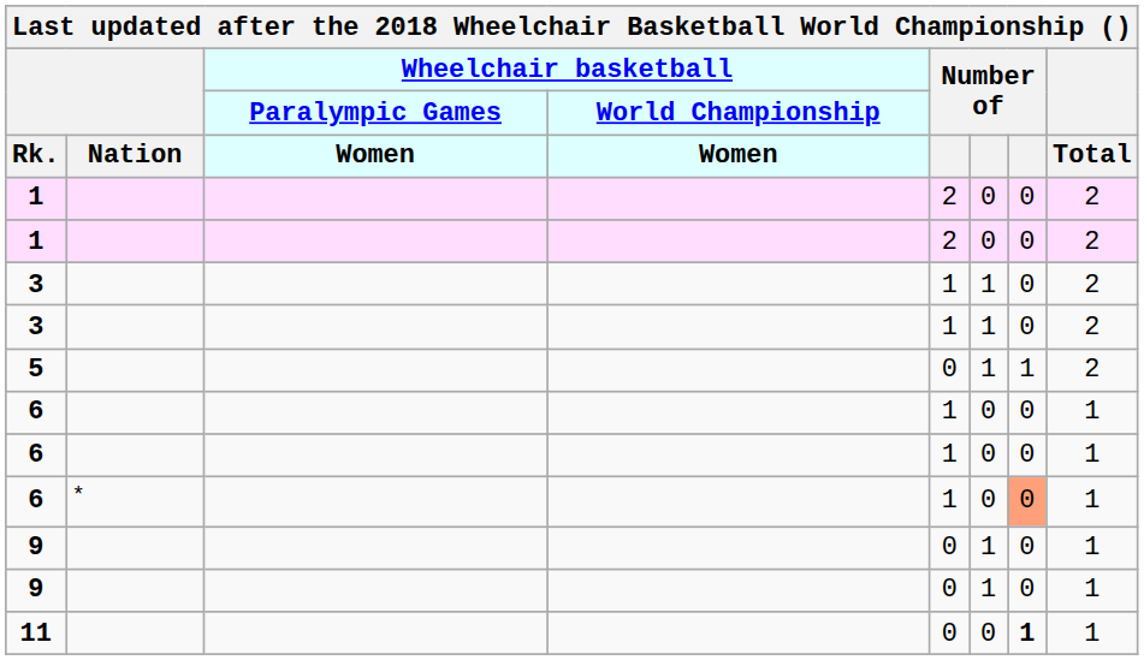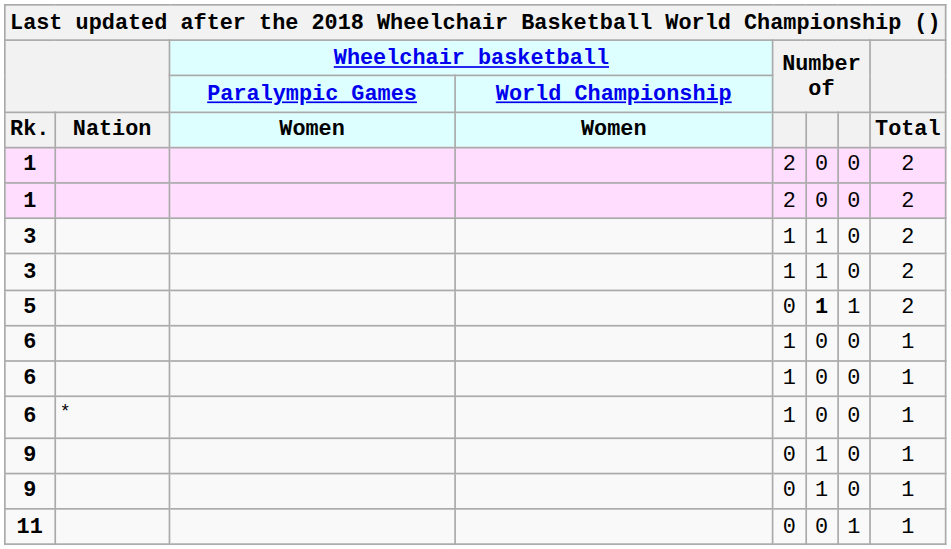 <table class="wikitable" style="margin-top: 0em; text-align: center; font-size: 100%;">
 <tr>
 <th colspan="8">Last updated after the 2018 Wheelchair Basketball World Championship ()</th>
 </tr>
 <tr>
 <th rowspan="2" colspan="2"></th>
 <th colspan="2" style="background: #dff;"><a href='#'>Wheelchair basketball</a></th>
 <th rowspan="2" colspan="3">Number of</th>
 <th rowspan="2"></th>
 </tr>
 <tr>
 <th style="background: #dff;"><a href='#'>Paralympic Games</a></th>
 <th style="background: #dff;"><a href='#'>World Championship</a></th>
 </tr>
 <tr>
 <th style="width: 1em;">Rk.</th>
 <th>Nation</th>
 <th style="background: #dff;">Women</th>
 <th style="background: #dff;">Women</th>
 <th style="width: 1em;"></th>
 <th style="width: 1em;"></th>
 <th style="width: 1em;"></th>
 <th style="width: 1em;">Total</th>
 </tr>
 <tr style="background: #fdf;">
 <td><strong>1</strong></td>
 <td style="text-align: left;"></td>
 <td></td>
 <td></td>
 <td>2</td>
 <td>0</td>
 <td>0</td>
 <td>2</td>
 </tr>
 <tr style="background: #fdf;">
 <td><strong>1</strong></td>
 <td style="text-align: left;"></td>
 <td></td>
 <td></td>
 <td>2</td>
 <td>0</td>
 <td>0</td>
 <td>2</td>
 </tr>
 <tr>
 <td><strong>3</strong></td>
 <td style="text-align: left;"></td>
 <td></td>
 <td></td>
 <td>1</td>
 <td>1</td>
 <td>0</td>
 <td>2</td>
 </tr>
 <tr>
 <td><strong>3</strong></td>
 <td style="text-align: left;"></td>
 <td></td>
 <td></td>
 <td>1</td>
 <td>1</td>
 <td>0</td>
 <td>2</td>
 </tr>
 <tr>
 <td><strong>5</strong></td>
 <td style="text-align: left;"></td>
 <td></td>
 <td></td>
 <td>0</td>
-<td>1</td>
+<td><strong>1</strong></td>
 <td>1</td>
 <td>2</td>
 </tr>
 <tr>
 <td><strong>6</strong></td>
 <td style="text-align: left;"></td>
 <td></td>
 <td></td>
 <td>1</td>
 <td>0</td>
 <td>0</td>
 <td>1</td>
 </tr>
 <tr>
 <td><strong>6</strong></td>
 <td style="text-align: left;"></td>
 <td></td>
 <td></td>
 <td>1</td>
 <td>0</td>
 <td>0</td>
 <td>1</td>
 </tr>
 <tr>
 <td><strong>6</strong></td>
 <td style="text-align: left;"><em></em><sup>*</sup></td>
 <td></td>
 <td></td>
 <td>1</td>
 <td>0</td>
-<td style="background: lightsalmon;">0</td>
+<td>0</td>
 <td>1</td>
 </tr>
 <tr>
 <td><strong>9</strong></td>
 <td style="text-align: left;"></td>
 <td></td>
 <td></td>
 <td>0</td>
 <td>1</td>
 <td>0</td>
 <td>1</td>
 </tr>
 <tr>
 <td><strong>9</strong></td>
 <td style="text-align: left;"></td>
 <td></td>
 <td></td>
 <td>0</td>
 <td>1</td>
 <td>0</td>
 <td>1</td>
 </tr>
 <tr>
 <td><strong>11</strong></td>
 <td style="text-align: left;"></td>
 <td></td>
 <td></td>
 <td>0</td>
 <td>0</td>
-<td><strong>1</strong></td>
+<td>1</td>
 <td>1</td>
 </tr>
 </table>
